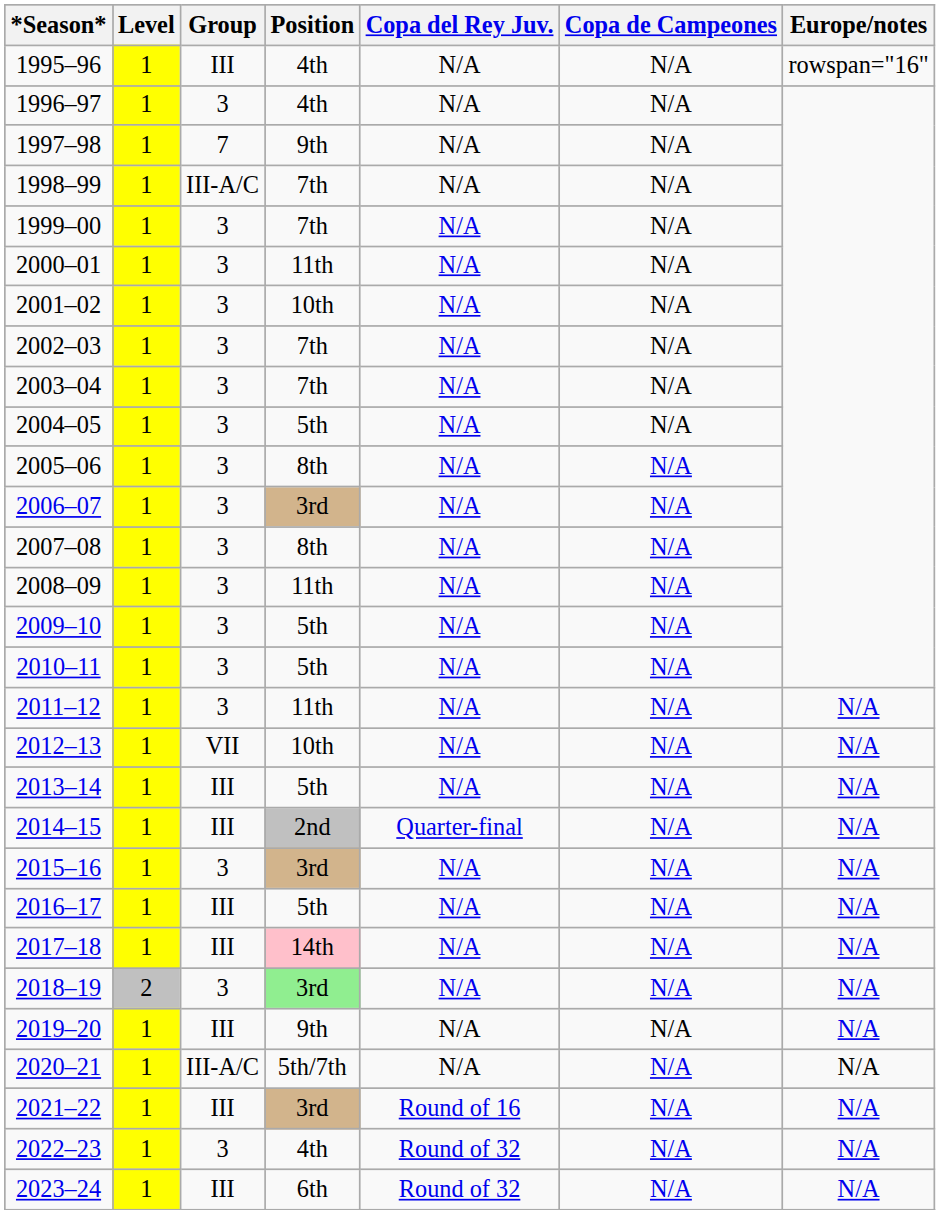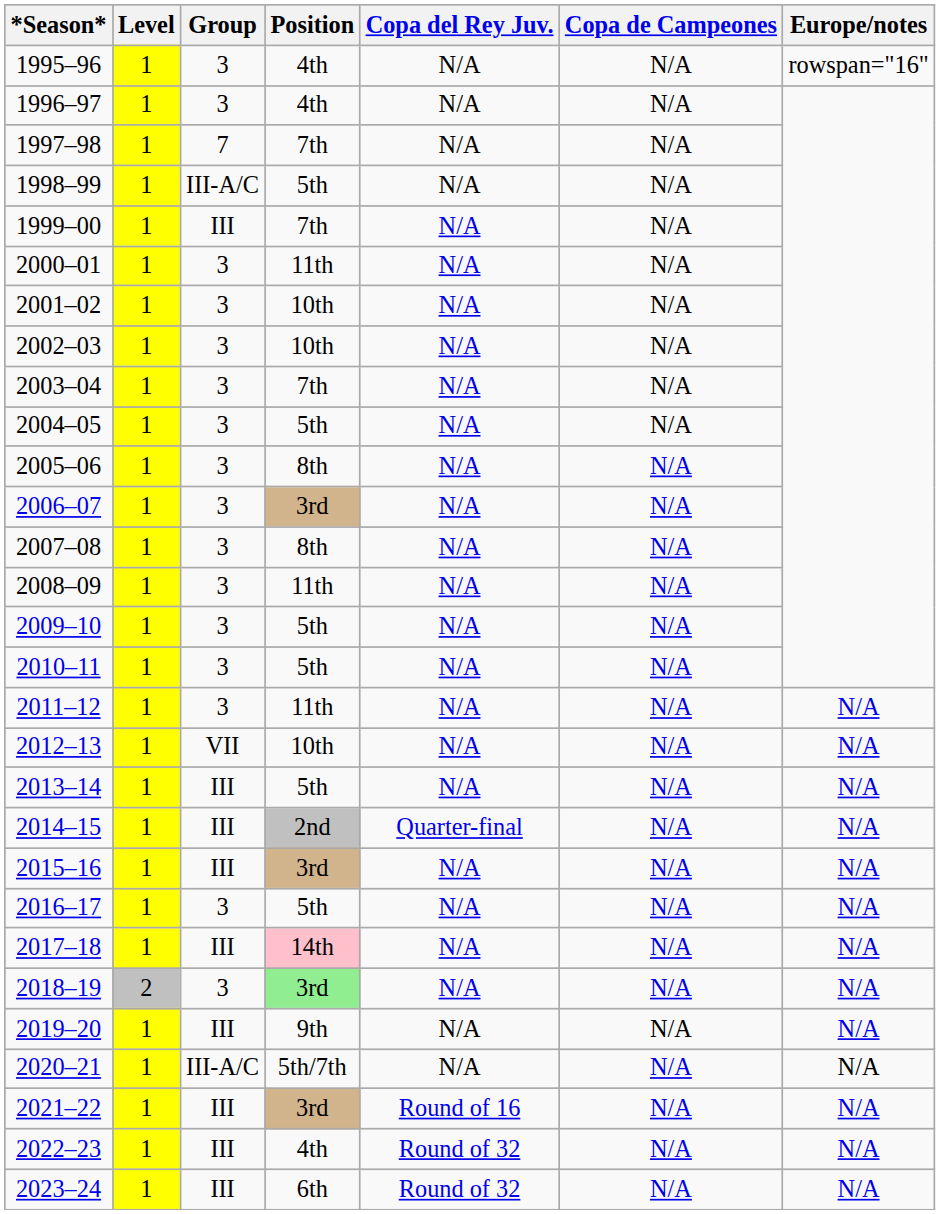 <table class="wikitable" style="text-align:center; font-size:90%">
 <tr>
 <th>*Season*</th>
 <th>Level</th>
 <th>Group</th>
 <th>Position</th>
 <th><a href='#'>Copa del Rey Juv.</a></th>
 <th><a href='#'>Copa de Campeones</a></th>
 <th>Europe/notes</th>
 </tr>
 <tr>
 <td>1995–96</td>
 <td bgcolor=#FFFF00>1</td>
-<td>III</td>
+<td>3</td>
 <td>4th</td>
 <td>N/A</td>
 <td>N/A</td>
 <td>rowspan="16" </td>
 </tr>
 <tr>
 <td>1996–97</td>
 <td bgcolor=#FFFF00>1</td>
 <td>3</td>
 <td>4th</td>
 <td>N/A</td>
 <td>N/A</td>
 </tr>
 <tr>
 <td>1997–98</td>
 <td bgcolor=#FFFF00>1</td>
 <td>7</td>
-<td>9th</td>
+<td>7th</td>
 <td>N/A</td>
 <td>N/A</td>
 </tr>
 <tr>
 <td>1998–99</td>
 <td bgcolor=#FFFF00>1</td>
 <td>III-A/C</td>
-<td>7th</td>
+<td>5th</td>
 <td>N/A</td>
 <td>N/A</td>
 </tr>
 <tr>
 <td>1999–00</td>
 <td bgcolor=#FFFF00>1</td>
-<td>3</td>
+<td>III</td>
 <td>7th</td>
 <td><a href='#'>N/A</a></td>
 <td>N/A</td>
 </tr>
 <tr>
 <td>2000–01</td>
 <td bgcolor=#FFFF00>1</td>
 <td>3</td>
 <td>11th</td>
 <td><a href='#'>N/A</a></td>
 <td>N/A</td>
 </tr>
 <tr>
 <td>2001–02</td>
 <td bgcolor=#FFFF00>1</td>
 <td>3</td>
 <td>10th</td>
 <td><a href='#'>N/A</a></td>
 <td>N/A</td>
 </tr>
 <tr>
 <td>2002–03</td>
 <td bgcolor=#FFFF00>1</td>
 <td>3</td>
-<td>7th</td>
+<td>10th</td>
 <td><a href='#'>N/A</a></td>
 <td>N/A</td>
 </tr>
 <tr>
 <td>2003–04</td>
 <td bgcolor=#FFFF00>1</td>
 <td>3</td>
 <td>7th</td>
 <td><a href='#'>N/A</a></td>
 <td>N/A</td>
 </tr>
 <tr>
 <td>2004–05</td>
 <td bgcolor=#FFFF00>1</td>
 <td>3</td>
 <td>5th</td>
 <td><a href='#'>N/A</a></td>
 <td>N/A</td>
 </tr>
 <tr>
 <td>2005–06</td>
 <td bgcolor=#FFFF00>1</td>
 <td>3</td>
 <td>8th</td>
 <td><a href='#'>N/A</a></td>
 <td><a href='#'>N/A</a></td>
 </tr>
 <tr>
 <td><a href='#'>2006–07</a></td>
 <td bgcolor=#FFFF00>1</td>
 <td>3</td>
 <td bgcolor=#D2B48C>3rd</td>
 <td><a href='#'>N/A</a></td>
 <td><a href='#'>N/A</a></td>
 </tr>
 <tr>
 <td>2007–08</td>
 <td bgcolor=#FFFF00>1</td>
 <td>3</td>
 <td>8th</td>
 <td><a href='#'>N/A</a></td>
 <td><a href='#'>N/A</a></td>
 </tr>
 <tr>
 <td>2008–09</td>
 <td bgcolor=#FFFF00>1</td>
 <td>3</td>
 <td>11th</td>
 <td><a href='#'>N/A</a></td>
 <td><a href='#'>N/A</a></td>
 </tr>
 <tr>
 <td><a href='#'>2009–10</a></td>
 <td bgcolor=#FFFF00>1</td>
 <td>3</td>
 <td>5th</td>
 <td><a href='#'>N/A</a></td>
 <td><a href='#'>N/A</a></td>
 </tr>
 <tr>
 <td><a href='#'>2010–11</a></td>
 <td bgcolor=#FFFF00>1</td>
 <td>3</td>
 <td>5th</td>
 <td><a href='#'>N/A</a></td>
 <td><a href='#'>N/A</a></td>
 </tr>
 <tr>
 <td><a href='#'>2011–12</a></td>
 <td bgcolor=#FFFF00>1</td>
 <td>3</td>
 <td>11th</td>
 <td><a href='#'>N/A</a></td>
 <td><a href='#'>N/A</a></td>
 <td><a href='#'>N/A</a></td>
 </tr>
 <tr>
 <td><a href='#'>2012–13</a></td>
 <td bgcolor=#FFFF00>1</td>
 <td>VII</td>
 <td>10th</td>
 <td><a href='#'>N/A</a></td>
 <td><a href='#'>N/A</a></td>
 <td><a href='#'>N/A</a></td>
 </tr>
 <tr>
 <td><a href='#'>2013–14</a></td>
 <td bgcolor=#FFFF00>1</td>
 <td>III</td>
 <td>5th</td>
 <td><a href='#'>N/A</a></td>
 <td><a href='#'>N/A</a></td>
 <td><a href='#'>N/A</a></td>
 </tr>
 <tr>
 <td><a href='#'>2014–15</a></td>
 <td bgcolor=#FFFF00>1</td>
 <td>III</td>
 <td bgcolor=silver>2nd</td>
 <td><a href='#'>Quarter-final</a></td>
 <td><a href='#'>N/A</a></td>
 <td><a href='#'>N/A</a></td>
 </tr>
 <tr>
 <td><a href='#'>2015–16</a></td>
 <td bgcolor=#FFFF00>1</td>
-<td>3</td>
+<td>III</td>
 <td bgcolor=#D2B48C>3rd</td>
 <td><a href='#'>N/A</a></td>
 <td><a href='#'>N/A</a></td>
 <td><a href='#'>N/A</a></td>
 </tr>
 <tr>
 <td><a href='#'>2016–17</a></td>
 <td bgcolor=#FFFF00>1</td>
-<td>III</td>
+<td>3</td>
 <td>5th</td>
 <td><a href='#'>N/A</a></td>
 <td><a href='#'>N/A</a></td>
 <td><a href='#'>N/A</a></td>
 </tr>
 <tr>
 <td><a href='#'>2017–18</a></td>
 <td bgcolor=#FFFF00>1</td>
 <td>III</td>
 <td bgcolor=pink>14th</td>
 <td><a href='#'>N/A</a></td>
 <td><a href='#'>N/A</a></td>
 <td><a href='#'>N/A</a></td>
 </tr>
 <tr>
 <td><a href='#'>2018–19</a></td>
 <td bgcolor=silver>2</td>
 <td>3</td>
 <td bgcolor=lightgreen>3rd</td>
 <td><a href='#'>N/A</a></td>
 <td><a href='#'>N/A</a></td>
 <td><a href='#'>N/A</a></td>
 </tr>
 <tr>
 <td><a href='#'>2019–20</a></td>
 <td bgcolor=#FFFF00>1</td>
 <td>III</td>
 <td>9th</td>
 <td>N/A</td>
 <td>N/A</td>
 <td><a href='#'>N/A</a></td>
 </tr>
 <tr>
 <td><a href='#'>2020–21</a></td>
 <td bgcolor=#FFFF00>1</td>
 <td>III-A/C</td>
 <td>5th/7th</td>
 <td>N/A</td>
 <td><a href='#'>N/A</a></td>
 <td>N/A</td>
 </tr>
 <tr>
 <td><a href='#'>2021–22</a></td>
 <td bgcolor=#FFFF00>1</td>
 <td>III</td>
 <td bgcolor=#D2B48C>3rd</td>
 <td><a href='#'>Round of 16</a></td>
 <td><a href='#'>N/A</a></td>
 <td><a href='#'>N/A</a></td>
 </tr>
 <tr>
 <td><a href='#'>2022–23</a></td>
 <td bgcolor=#FFFF00>1</td>
-<td>3</td>
+<td>III</td>
 <td>4th</td>
 <td><a href='#'>Round of 32</a></td>
 <td><a href='#'>N/A</a></td>
 <td><a href='#'>N/A</a></td>
 </tr>
 <tr>
 <td><a href='#'>2023–24</a></td>
 <td bgcolor=#FFFF00>1</td>
 <td>III</td>
 <td>6th</td>
 <td><a href='#'>Round of 32</a></td>
 <td><a href='#'>N/A</a></td>
 <td><a href='#'>N/A</a></td>
 </tr>
 <tr>
 </tr>
 </table>
